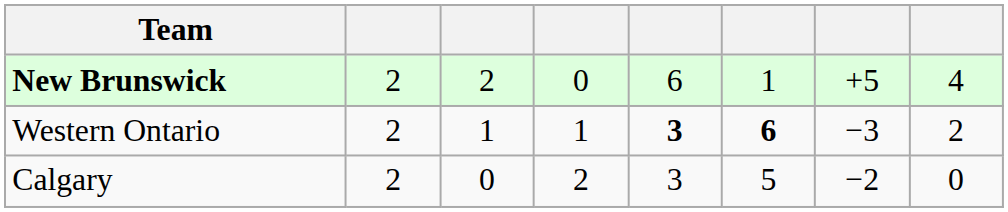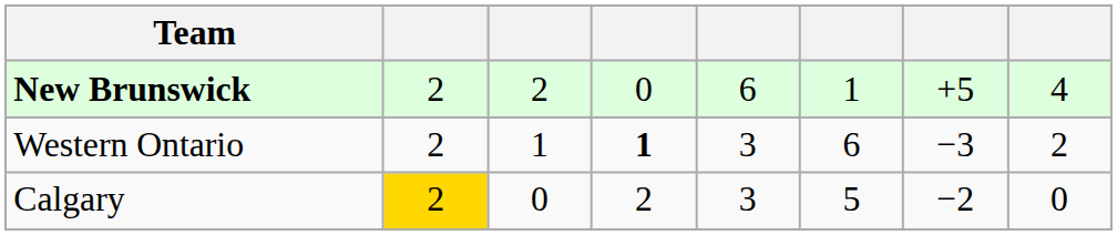 <table class="wikitable" style="text-align:center;">
 <tr>
 <th width=165>Team</th>
 <th width=40></th>
 <th width=40></th>
 <th width=40></th>
 <th width=40></th>
 <th width=40></th>
 <th width=40></th>
 <th width=40></th>
 </tr>
 <tr style="background:#ddffdd">
 <td style="text-align:left;"><strong>New Brunswick</strong></td>
 <td>2</td>
 <td>2</td>
 <td>0</td>
 <td>6</td>
 <td>1</td>
 <td>+5</td>
 <td>4</td>
 </tr>
 <tr>
 <td style="text-align:left;">Western Ontario</td>
 <td>2</td>
 <td>1</td>
-<td>1</td>
-<td><strong>3</strong></td>
-<td><strong>6</strong></td>
+<td><strong>1</strong></td>
+<td>3</td>
+<td>6</td>
 <td>−3</td>
 <td>2</td>
 </tr>
 <tr>
 <td style="text-align:left;">Calgary</td>
-<td>2</td>
+<td style="background: gold;">2</td>
 <td>0</td>
 <td>2</td>
 <td>3</td>
 <td>5</td>
 <td>−2</td>
 <td>0</td>
 </tr>
 </table>
